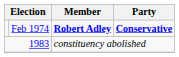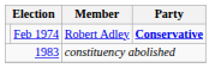 <table class="wikitable">
 <tr>
 <th colspan="2">Election</th>
 <th>Member</th>
 <th>Party</th>
 </tr>
 <tr>
 <td style="color:inherit;background-color: "></td>
 <td><a href='#'>Feb 1974</a></td>
-<td><strong><a href='#'>Robert Adley</a></strong></td>
+<td><a href='#'>Robert Adley</a></td>
 <td><strong><a href='#'>Conservative</a></strong></td>
 </tr>
 <tr>
 <td colspan="2" align="right"><a href='#'>1983</a></td>
 <td colspan="2"><em>constituency abolished</em></td>
 </tr>
 <tr>
 </tr>
 </table>
